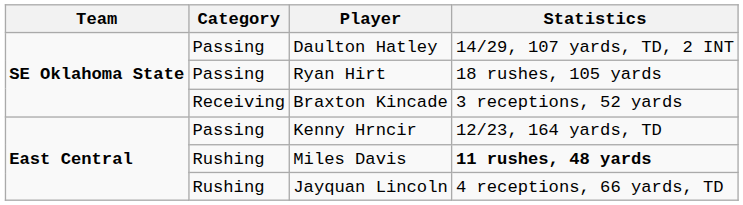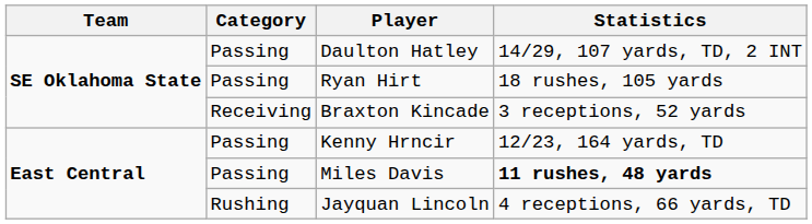 <table class="wikitable" style="float: right;">
 <tr>
 <th>Team</th>
 <th>Category</th>
 <th>Player</th>
 <th>Statistics</th>
 </tr>
 <tr>
 <td rowspan=3><strong>SE Oklahoma State</strong></td>
 <td>Passing</td>
 <td>Daulton Hatley</td>
 <td>14/29, 107 yards, TD, 2 INT</td>
 </tr>
 <tr>
 <td>Passing</td>
 <td>Ryan Hirt</td>
 <td>18 rushes, 105 yards</td>
 </tr>
 <tr>
 <td>Receiving</td>
 <td>Braxton Kincade</td>
 <td>3 receptions, 52 yards</td>
 </tr>
 <tr>
 <td rowspan=3><strong>East Central</strong></td>
 <td>Passing</td>
 <td>Kenny Hrncir</td>
 <td>12/23, 164 yards, TD</td>
 </tr>
 <tr>
-<td>Rushing</td>
+<td>Passing</td>
 <td>Miles Davis</td>
 <td><strong>11 rushes, 48 yards</strong></td>
 </tr>
 <tr>
 <td>Rushing</td>
 <td>Jayquan Lincoln</td>
 <td>4 receptions, 66 yards, TD</td>
 </tr>
 </table>
